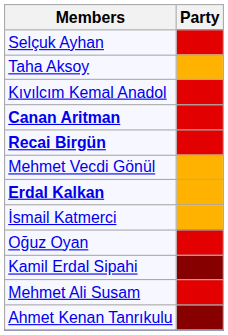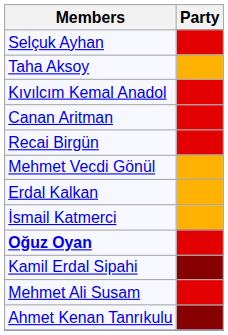 <table class=wikitable style="border:1px solid #8888aa; background-color:#f7f8ff; padding:0px; font-size:90%;">
 <tr>
 <th>Members</th>
 <th colspan="2">Party</th>
 </tr>
 <tr>
 <td><a href='#'>Selçuk Ayhan</a></td>
 <td style="background: #e30000"></td>
 </tr>
 <tr>
 <td><a href='#'>Taha Aksoy</a></td>
 <td style="background: #ffb300"></td>
 </tr>
 <tr>
 <td><a href='#'>Kıvılcım Kemal Anadol</a></td>
 <td style="background: #e30000"></td>
 </tr>
 <tr>
-<td><strong><a href='#'>Canan Aritman</a></strong></td>
+<td><a href='#'>Canan Aritman</a></td>
 <td style="background: #e30000"></td>
 </tr>
 <tr>
-<td><strong><a href='#'>Recai Birgün</a></strong></td>
+<td><a href='#'>Recai Birgün</a></td>
 <td style="background: #e30000"></td>
 </tr>
 <tr>
 <td><a href='#'>Mehmet Vecdi Gönül</a></td>
 <td style="background: #ffb300"></td>
 </tr>
 <tr>
-<td><strong><a href='#'>Erdal Kalkan</a></strong></td>
+<td><a href='#'>Erdal Kalkan</a></td>
 <td style="background: #ffb300"></td>
 </tr>
 <tr>
 <td><a href='#'>İsmail Katmerci</a></td>
 <td style="background: #ffb300"></td>
 </tr>
 <tr>
-<td><a href='#'>Oğuz Oyan</a></td>
+<td><strong><a href='#'>Oğuz Oyan</a></strong></td>
 <td style="background: #e30000"></td>
 </tr>
 <tr>
 <td><a href='#'>Kamil Erdal Sipahi</a></td>
 <td style="background: #870000"></td>
 </tr>
 <tr>
 <td><a href='#'>Mehmet Ali Susam</a></td>
 <td style="background: #e30000"></td>
 </tr>
 <tr>
 <td><a href='#'>Ahmet Kenan Tanrıkulu</a></td>
 <td style="background: #870000"></td>
 </tr>
 <tr>
 </tr>
 </table>
